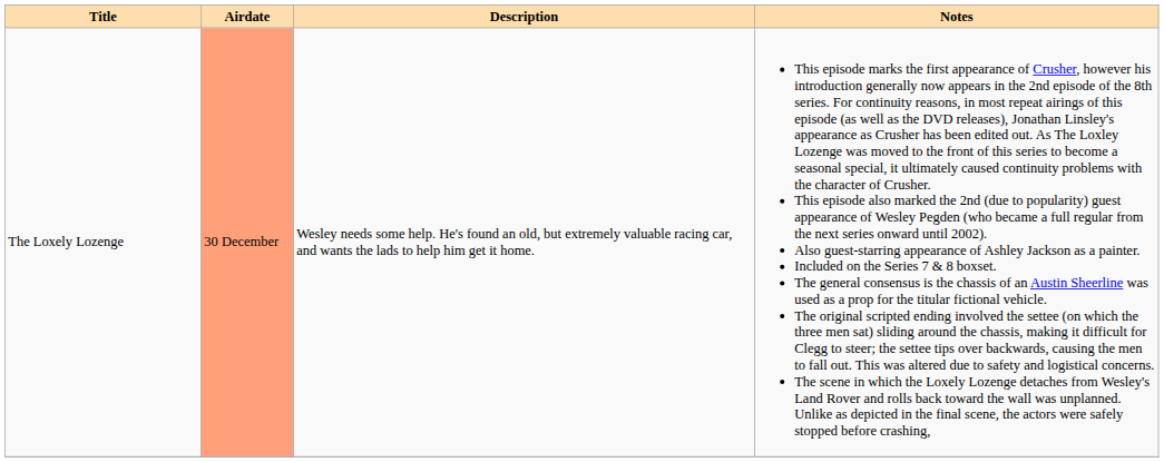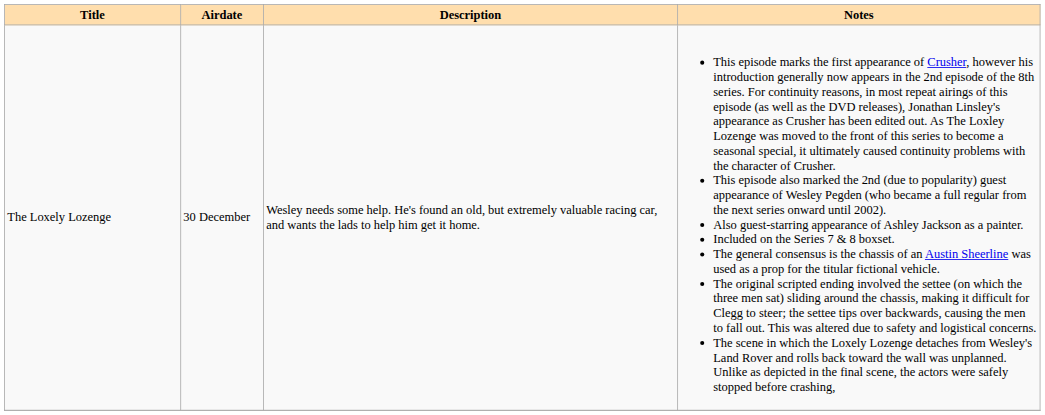 <table class="wikitable" width=100% border=1 style="font-size: 95%">
 <tr>
 <th style="background:#ffdead" width=17%>Title</th>
 <th style="background:#ffdead" width=8%>Airdate</th>
 <th style="background:#ffdead" width=40%>Description</th>
 <th style="background:#ffdead" width=35%>Notes</th>
 </tr>
 <tr>
 <td>The Loxely Lozenge</td>
-<td style="background: lightsalmon;">30 December</td>
+<td>30 December</td>
 <td>Wesley needs some help. He's found an old, but extremely valuable racing car, and wants the lads to help him get it home.</td>
 <td><br><ul><li>This episode marks the first appearance of <a href='#'>Crusher</a>, however his introduction generally now appears in the 2nd episode of the 8th series. For continuity reasons, in most repeat airings of this episode (as well as the DVD releases), Jonathan Linsley's appearance as Crusher has been edited out. As The Loxley Lozenge was moved to the front of this series to become a seasonal special, it ultimately caused continuity problems with the character of Crusher.</li><li>This episode also marked the 2nd (due to popularity) guest appearance of Wesley Pegden (who became a full regular from the next series onward until 2002).</li><li>Also guest-starring appearance of Ashley Jackson as a painter.</li><li>Included on the Series 7 & 8 boxset.</li><li>The general consensus is the chassis of an <a href='#'>Austin Sheerline</a> was used as a prop for the titular fictional vehicle.</li><li>The original scripted ending involved the settee (on which the three men sat) sliding around the chassis, making it difficult for Clegg to steer; the settee tips over backwards, causing the men to fall out. This was altered due to safety and logistical concerns.</li><li>The scene in which the Loxely Lozenge detaches from Wesley's Land Rover and rolls back toward the wall was unplanned. Unlike as depicted in the final scene, the actors were safely stopped before crashing,</li></ul></td>
 </tr>
 <tr>
 </tr>
 </table>
